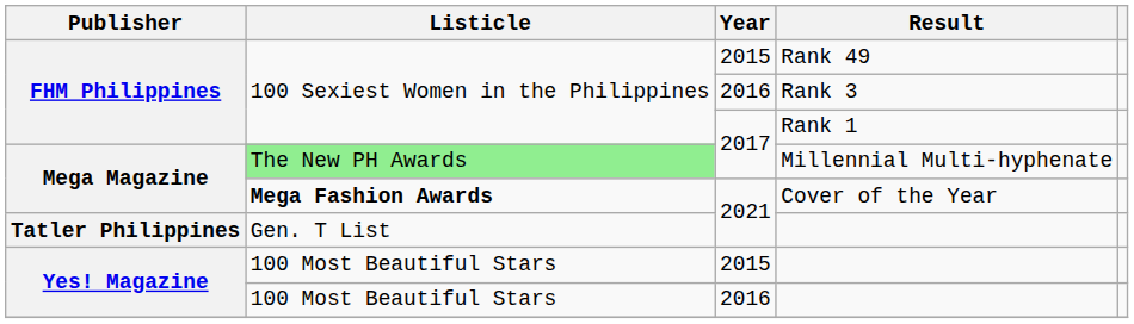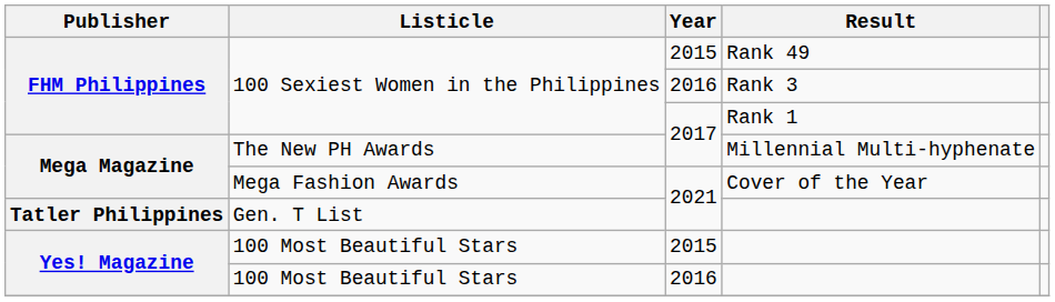 <table class="wikitable plainrowheaders sortable">
 <tr>
 <th scope="col">Publisher</th>
 <th scope="col">Listicle</th>
 <th scope="col">Year</th>
 <th scope="col">Result</th>
 <th scope="col" class="unsortable"></th>
 </tr>
 <tr>
 <th scope="row" rowspan="3"><a href='#'>FHM Philippines</a></th>
 <td rowspan="3">100 Sexiest Women in the Philippines</td>
 <td>2015</td>
 <td>Rank 49</td>
 <td></td>
 </tr>
 <tr>
 <td>2016</td>
 <td>Rank 3</td>
 <td></td>
 </tr>
 <tr>
 <td rowspan="2">2017</td>
 <td>Rank 1</td>
 <td></td>
 </tr>
 <tr>
 <th scope="row" rowspan="2">Mega Magazine</th>
-<td style="background: lightgreen;">The New PH Awards</td>
+<td>The New PH Awards</td>
 <td>Millennial Multi-hyphenate</td>
 <td></td>
 </tr>
 <tr>
-<td><strong>Mega Fashion Awards</strong></td>
+<td>Mega Fashion Awards</td>
 <td rowspan="2">2021</td>
 <td>Cover of the Year</td>
 <td></td>
 </tr>
 <tr>
 <th scope="row">Tatler Philippines</th>
 <td>Gen. T List</td>
 <td></td>
 <td></td>
 </tr>
 <tr>
 <th scope="row" rowspan="2"><a href='#'>Yes! Magazine</a></th>
 <td>100 Most Beautiful Stars</td>
 <td>2015</td>
 <td></td>
 <td></td>
 </tr>
 <tr>
 <td>100 Most Beautiful Stars</td>
 <td>2016</td>
 <td></td>
 <td></td>
 </tr>
 <tr>
 </tr>
 </table>
